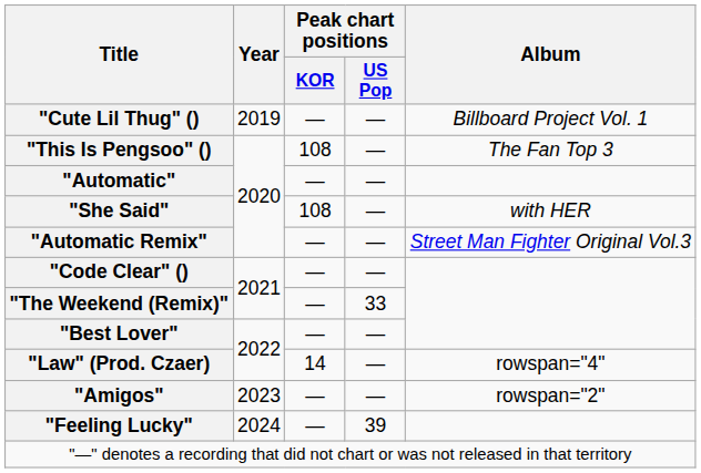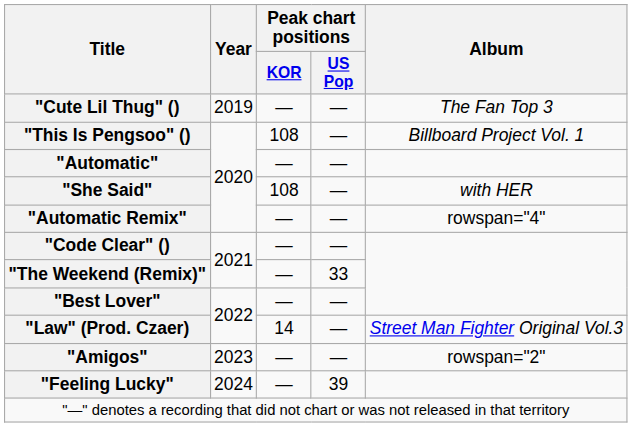 <table class="wikitable plainrowheaders" style="text-align:center">
 <tr>
 <th scope="col" rowspan="2">Title</th>
 <th scope="col" rowspan="2">Year</th>
 <th scope="col" colspan="2">Peak chart<br>positions</th>
 <th scope="col" rowspan="2">Album</th>
 </tr>
 <tr>
 <th scope="col" style="font-size:90%; width:3em"><a href='#'>KOR</a><br></th>
 <th scope="col" style="font-size:90%; width:3em"><a href='#'>US<br>Pop</a><br></th>
 </tr>
 <tr>
 <th scope="row">"Cute Lil Thug" ()<br></th>
 <td>2019</td>
 <td>—</td>
 <td>—</td>
-<td><em>Billboard Project Vol. 1</em></td>
+<td><em>The Fan Top 3</em></td>
 </tr>
 <tr>
 <th scope="row">"This Is Pengsoo" ()<br></th>
 <td rowspan="4">2020</td>
 <td>108</td>
 <td>—</td>
-<td><em>The Fan Top 3</em></td>
+<td><em>Billboard Project Vol. 1</em></td>
 </tr>
 <tr>
 <th scope="row">"Automatic"<br></th>
 <td>—</td>
 <td>—</td>
 <td></td>
 </tr>
 <tr>
 <th scope="row">"She Said"<br></th>
 <td>108</td>
 <td>—</td>
 <td><em>with HER</em></td>
 </tr>
 <tr>
 <th scope="row">"Automatic Remix"</th>
 <td>—</td>
 <td>—</td>
-<td><em><a href='#'>Street Man Fighter</a> Original Vol.3</em></td>
+<td>rowspan="4" </td>
 </tr>
 <tr>
 <th scope="row">"Code Clear" ()</th>
 <td rowspan="2">2021</td>
 <td>—</td>
 <td>—</td>
 </tr>
 <tr>
 <th scope="row">"The Weekend (Remix)"<br></th>
 <td>—</td>
 <td>33</td>
 </tr>
 <tr>
 <th scope="row">"Best Lover"<br></th>
 <td rowspan="2">2022</td>
 <td>—</td>
 <td>—</td>
 </tr>
 <tr>
 <th scope="row">"Law" (Prod. Czaer)<br></th>
 <td>14</td>
 <td>—</td>
-<td>rowspan="4" </td>
+<td><em><a href='#'>Street Man Fighter</a> Original Vol.3</em></td>
 </tr>
 <tr>
 <th scope="row">"Amigos"<br></th>
 <td>2023</td>
 <td>—</td>
 <td>—</td>
 <td>rowspan="2" </td>
 </tr>
 <tr>
 <th scope="row">"Feeling Lucky"<br></th>
 <td>2024</td>
 <td>—</td>
 <td>39</td>
 </tr>
 <tr>
 <td colspan="5" style="font-size:85%">"—" denotes a recording that did not chart or was not released in that territory</td>
 </tr>
 </table>
